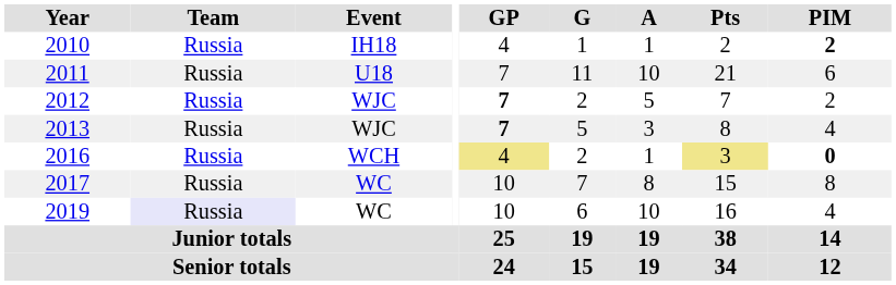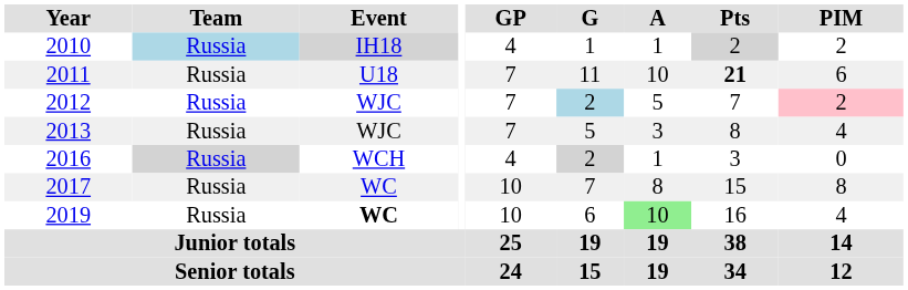 <table border="0" cellpadding="1" cellspacing="0" ID="Table3" style="text-align:center; width:40em">
 <tr bgcolor="#e0e0e0">
 <th>Year</th>
 <th>Team</th>
 <th>Event</th>
 <th rowspan="102" bgcolor="#ffffff"></th>
 <th>GP</th>
 <th>G</th>
 <th>A</th>
 <th>Pts</th>
 <th>PIM</th>
 </tr>
 <tr>
 <td><a href='#'>2010</a></td>
-<td><a href='#'>Russia</a></td>
-<td><a href='#'>IH18</a></td>
+<td style="background: lightblue;"><a href='#'>Russia</a></td>
+<td style="background: lightgrey;"><a href='#'>IH18</a></td>
 <td>4</td>
 <td>1</td>
 <td>1</td>
+<td style="background: lightgrey;">2</td>
 <td>2</td>
-<td><strong>2</strong></td>
 </tr>
 <tr bgcolor="#f0f0f0">
 <td><a href='#'>2011</a></td>
 <td>Russia</td>
 <td><a href='#'>U18</a></td>
 <td>7</td>
 <td>11</td>
 <td>10</td>
-<td>21</td>
+<td><strong>21</strong></td>
 <td>6</td>
 </tr>
 <tr>
 <td><a href='#'>2012</a></td>
 <td><a href='#'>Russia</a></td>
 <td><a href='#'>WJC</a></td>
-<td><strong>7</strong></td>
-<td>2</td>
+<td>7</td>
+<td style="background: lightblue;">2</td>
 <td>5</td>
 <td>7</td>
-<td>2</td>
+<td style="background: pink;">2</td>
 </tr>
 <tr bgcolor="#f0f0f0">
 <td><a href='#'>2013</a></td>
 <td>Russia</td>
 <td>WJC</td>
-<td><strong>7</strong></td>
+<td>7</td>
 <td>5</td>
 <td>3</td>
 <td>8</td>
 <td>4</td>
 </tr>
 <tr>
 <td><a href='#'>2016</a></td>
-<td><a href='#'>Russia</a></td>
+<td style="background: lightgrey;"><a href='#'>Russia</a></td>
 <td><a href='#'>WCH</a></td>
-<td style="background: khaki;">4</td>
-<td>2</td>
+<td>4</td>
+<td style="background: lightgrey;">2</td>
 <td>1</td>
-<td style="background: khaki;">3</td>
-<td><strong>0</strong></td>
+<td>3</td>
+<td>0</td>
 </tr>
 <tr bgcolor="#f0f0f0">
 <td><a href='#'>2017</a></td>
 <td>Russia</td>
 <td><a href='#'>WC</a></td>
 <td>10</td>
 <td>7</td>
 <td>8</td>
 <td>15</td>
 <td>8</td>
 </tr>
 <tr>
 <td><a href='#'>2019</a></td>
-<td style="background: lavender;">Russia</td>
-<td>WC</td>
+<td>Russia</td>
+<td><strong>WC</strong></td>
 <td>10</td>
 <td>6</td>
-<td>10</td>
+<td style="background: lightgreen;">10</td>
 <td>16</td>
 <td>4</td>
 </tr>
 <tr bgcolor="#e0e0e0">
 <th colspan="4">Junior totals</th>
 <th>25</th>
 <th>19</th>
 <th>19</th>
 <th>38</th>
 <th>14</th>
 </tr>
 <tr bgcolor="#e0e0e0">
 <th colspan="4">Senior totals</th>
 <th>24</th>
 <th>15</th>
 <th>19</th>
 <th>34</th>
 <th>12</th>
 </tr>
 </table>
